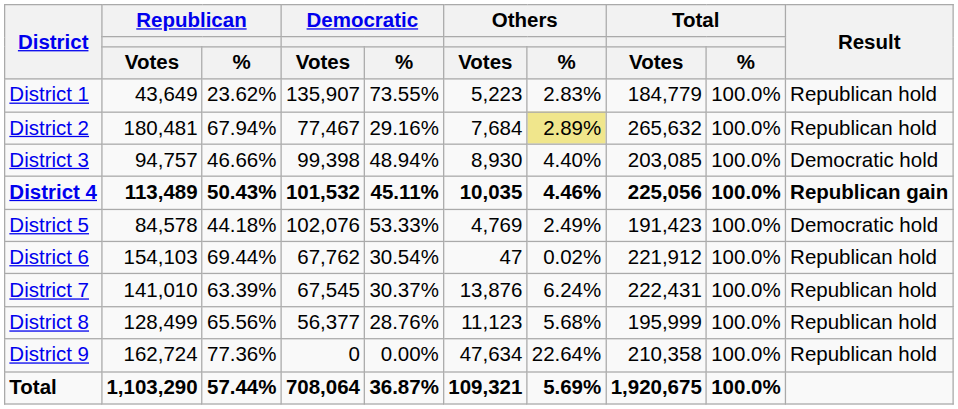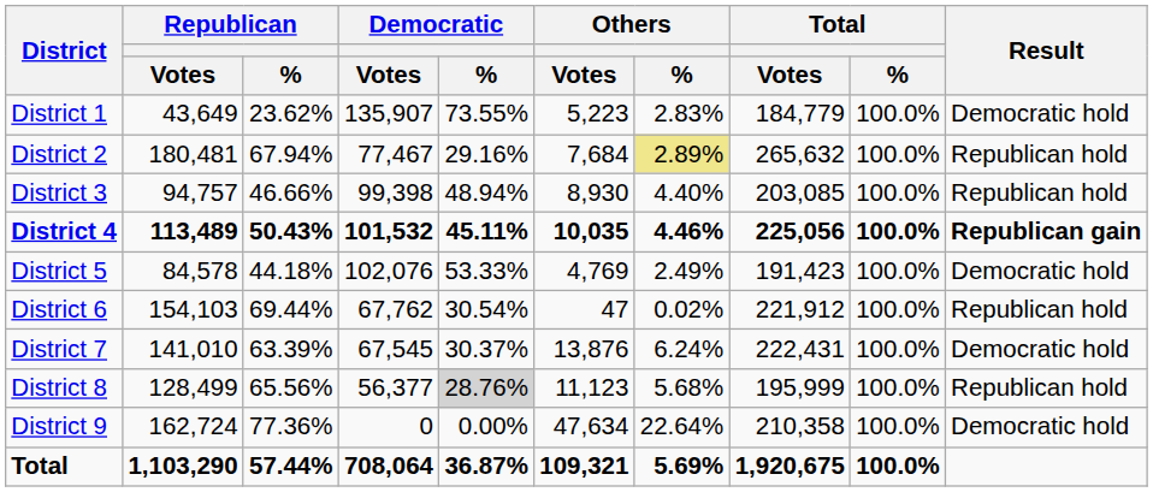 <table class="wikitable plainrowheaders sortable" style="font-size:100%; text-align:right;">
 <tr>
 <th scope=col rowspan=3><a href='#'>District</a></th>
 <th scope=col colspan=2><a href='#'>Republican</a></th>
 <th scope=col colspan=2><a href='#'>Democratic</a></th>
 <th scope=col colspan=2>Others</th>
 <th scope=col colspan=2>Total</th>
 <th scope=col rowspan=3>Result</th>
 </tr>
 <tr>
 <th scope=col colspan=2 style="background:"></th>
 <th scope=col colspan=2 style="background:"></th>
 <th scope=col colspan=2></th>
 <th scope=col colspan=2></th>
 </tr>
 <tr>
 <th scope=col data-sort-type="number">Votes</th>
 <th scope=col data-sort-type="number">%</th>
 <th scope=col data-sort-type="number">Votes</th>
 <th scope=col data-sort-type="number">%</th>
 <th scope=col data-sort-type="number">Votes</th>
 <th scope=col data-sort-type="number">%</th>
 <th scope=col data-sort-type="number">Votes</th>
 <th scope=col data-sort-type="number">%</th>
 </tr>
 <tr>
 <td align=left><a href='#'>District 1</a></td>
 <td>43,649</td>
 <td>23.62%</td>
 <td>135,907</td>
 <td>73.55%</td>
 <td>5,223</td>
 <td>2.83%</td>
 <td>184,779</td>
 <td>100.0%</td>
-<td align=left>Republican hold</td>
+<td align=left>Democratic hold</td>
 </tr>
 <tr>
 <td align=left><a href='#'>District 2</a></td>
 <td>180,481</td>
 <td>67.94%</td>
 <td>77,467</td>
 <td>29.16%</td>
 <td>7,684</td>
 <td style="background: khaki;">2.89%</td>
 <td>265,632</td>
 <td>100.0%</td>
 <td align=left>Republican hold</td>
 </tr>
 <tr>
 <td align=left><a href='#'>District 3</a></td>
 <td>94,757</td>
 <td>46.66%</td>
 <td>99,398</td>
 <td>48.94%</td>
 <td>8,930</td>
 <td>4.40%</td>
 <td>203,085</td>
 <td>100.0%</td>
-<td align=left>Democratic hold</td>
+<td align=left>Republican hold</td>
 </tr>
 <tr>
 <td align=left><strong><a href='#'>District 4</a></strong></td>
 <td><strong>113,489</strong></td>
 <td><strong>50.43%</strong></td>
 <td><strong>101,532</strong></td>
 <td><strong>45.11%</strong></td>
 <td><strong>10,035</strong></td>
 <td><strong>4.46%</strong></td>
 <td><strong>225,056</strong></td>
 <td><strong>100.0%</strong></td>
 <td align=left><strong>Republican gain</strong></td>
 </tr>
 <tr>
 <td align=left><a href='#'>District 5</a></td>
 <td>84,578</td>
 <td>44.18%</td>
 <td>102,076</td>
 <td>53.33%</td>
 <td>4,769</td>
 <td>2.49%</td>
 <td>191,423</td>
 <td>100.0%</td>
 <td align=left>Democratic hold</td>
 </tr>
 <tr>
 <td align=left><a href='#'>District 6</a></td>
 <td>154,103</td>
 <td>69.44%</td>
 <td>67,762</td>
 <td>30.54%</td>
 <td>47</td>
 <td>0.02%</td>
 <td>221,912</td>
 <td>100.0%</td>
 <td align=left>Republican hold</td>
 </tr>
 <tr>
 <td align=left><a href='#'>District 7</a></td>
 <td>141,010</td>
 <td>63.39%</td>
 <td>67,545</td>
 <td>30.37%</td>
 <td>13,876</td>
 <td>6.24%</td>
 <td>222,431</td>
 <td>100.0%</td>
-<td align=left>Republican hold</td>
+<td align=left>Democratic hold</td>
 </tr>
 <tr>
 <td align=left><a href='#'>District 8</a></td>
 <td>128,499</td>
 <td>65.56%</td>
 <td>56,377</td>
-<td>28.76%</td>
+<td style="background: lightgrey;">28.76%</td>
 <td>11,123</td>
 <td>5.68%</td>
 <td>195,999</td>
 <td>100.0%</td>
 <td align=left>Republican hold</td>
 </tr>
 <tr>
 <td align=left><a href='#'>District 9</a></td>
 <td>162,724</td>
 <td>77.36%</td>
 <td>0</td>
 <td>0.00%</td>
 <td>47,634</td>
 <td>22.64%</td>
 <td>210,358</td>
 <td>100.0%</td>
-<td align=left>Republican hold</td>
+<td align=left>Democratic hold</td>
 </tr>
 <tr class="sortbottom" style="font-weight:bold">
 <td align=left>Total</td>
 <td>1,103,290</td>
 <td>57.44%</td>
 <td>708,064</td>
 <td>36.87%</td>
 <td>109,321</td>
 <td>5.69%</td>
 <td>1,920,675</td>
 <td>100.0%</td>
 <td></td>
 </tr>
 </table>
